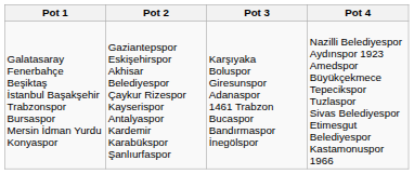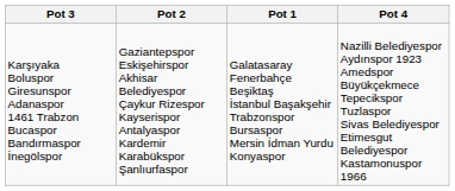 <table class="wikitable" style="width:98%;">
 <tr>
+<th width=25%>Pot 3</th>
+<th width=25%>Pot 2</th>
 <th width=25%>Pot 1</th>
-<th width=25%>Pot 2</th>
-<th width=25%>Pot 3</th>
 <th width=25%>Pot 4</th>
 </tr>
 <tr>
+<td><br>Karşıyaka <br> Boluspor <br> Giresunspor <br> Adanaspor <br> 1461 Trabzon <br> Bucaspor <br> Bandırmaspor <br> İnegölspor</td>
+<td><br>Gaziantepspor <br> Eskişehirspor <br> Akhisar Belediyespor <br> Çaykur Rizespor <br> Kayserispor <br> Antalyaspor <br> Kardemir Karabükspor <br> Şanlıurfaspor</td>
 <td><br>Galatasaray <br> Fenerbahçe <br> Beşiktaş <br> İstanbul Başakşehir <br> Trabzonspor <br> Bursaspor <br> Mersin İdman Yurdu <br> Konyaspor</td>
-<td><br>Gaziantepspor <br> Eskişehirspor <br> Akhisar Belediyespor <br> Çaykur Rizespor <br> Kayserispor <br> Antalyaspor <br> Kardemir Karabükspor <br> Şanlıurfaspor</td>
-<td><br>Karşıyaka <br> Boluspor <br> Giresunspor <br> Adanaspor <br> 1461 Trabzon <br> Bucaspor <br> Bandırmaspor <br> İnegölspor</td>
 <td><br>Nazilli Belediyespor <br> Aydınspor 1923 <br> Amedspor <br> Büyükçekmece Tepecikspor <br> Tuzlaspor <br> Sivas Belediyespor <br> Etimesgut Belediyespor <br> Kastamonuspor 1966</td>
 </tr>
 </table>
